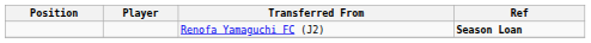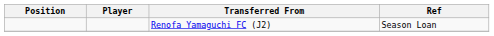 <table class="wikitable sortable" style="width:60%; text-align:center; font-size:100%; text-align:left;">
 <tr>
 <th>Position</th>
 <th>Player</th>
 <th>Transferred From</th>
 <th>Ref</th>
 </tr>
 <tr>
 <td></td>
 <td></td>
 <td> <a href='#'>Renofa Yamaguchi FC</a> (J2)</td>
-<td><strong>Season Loan </strong></td>
+<td>Season Loan </td>
 </tr>
 <tr>
 </tr>
 </table>
